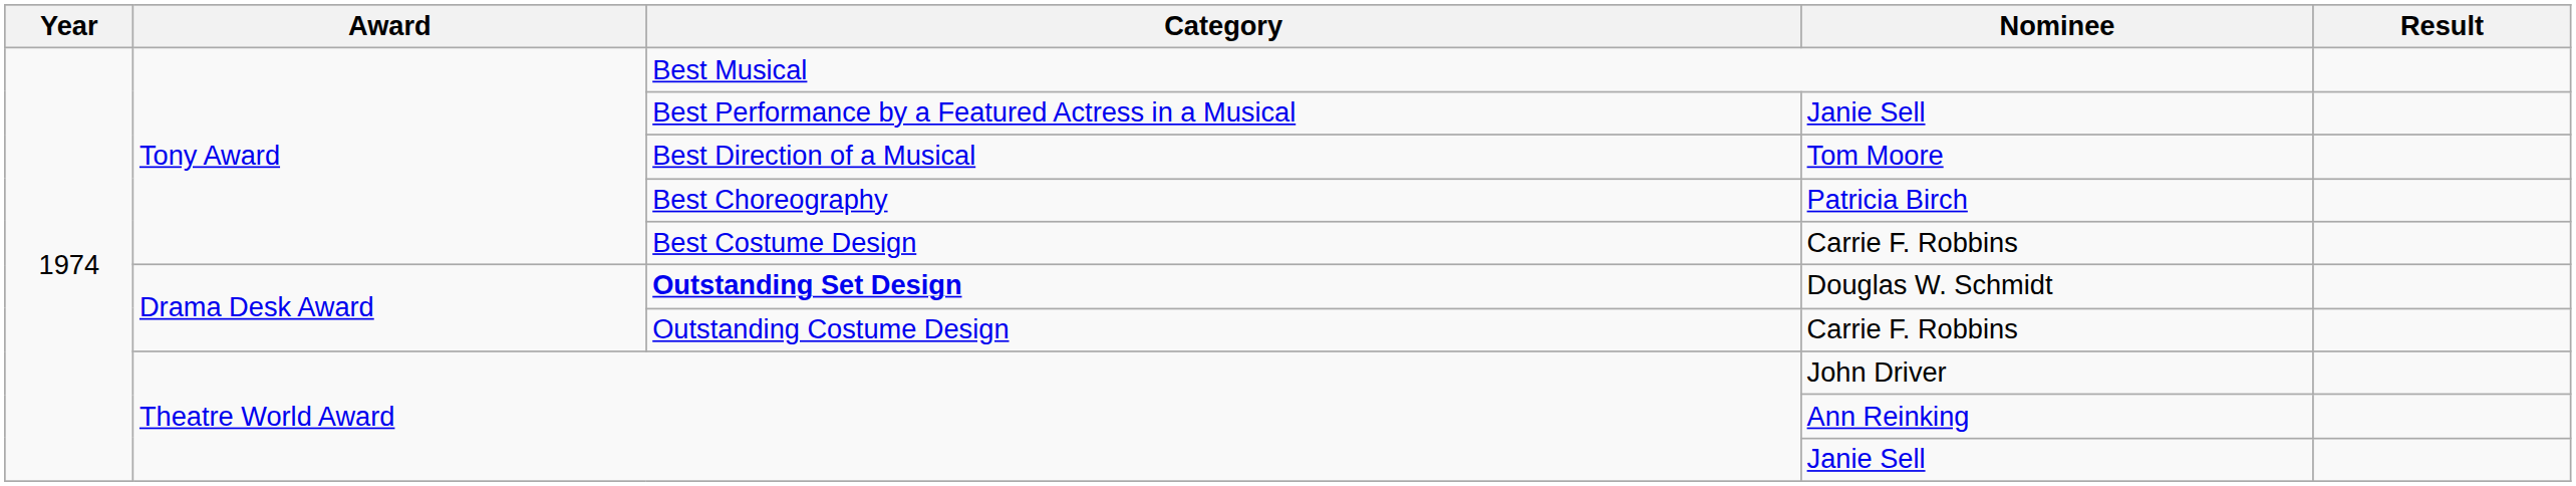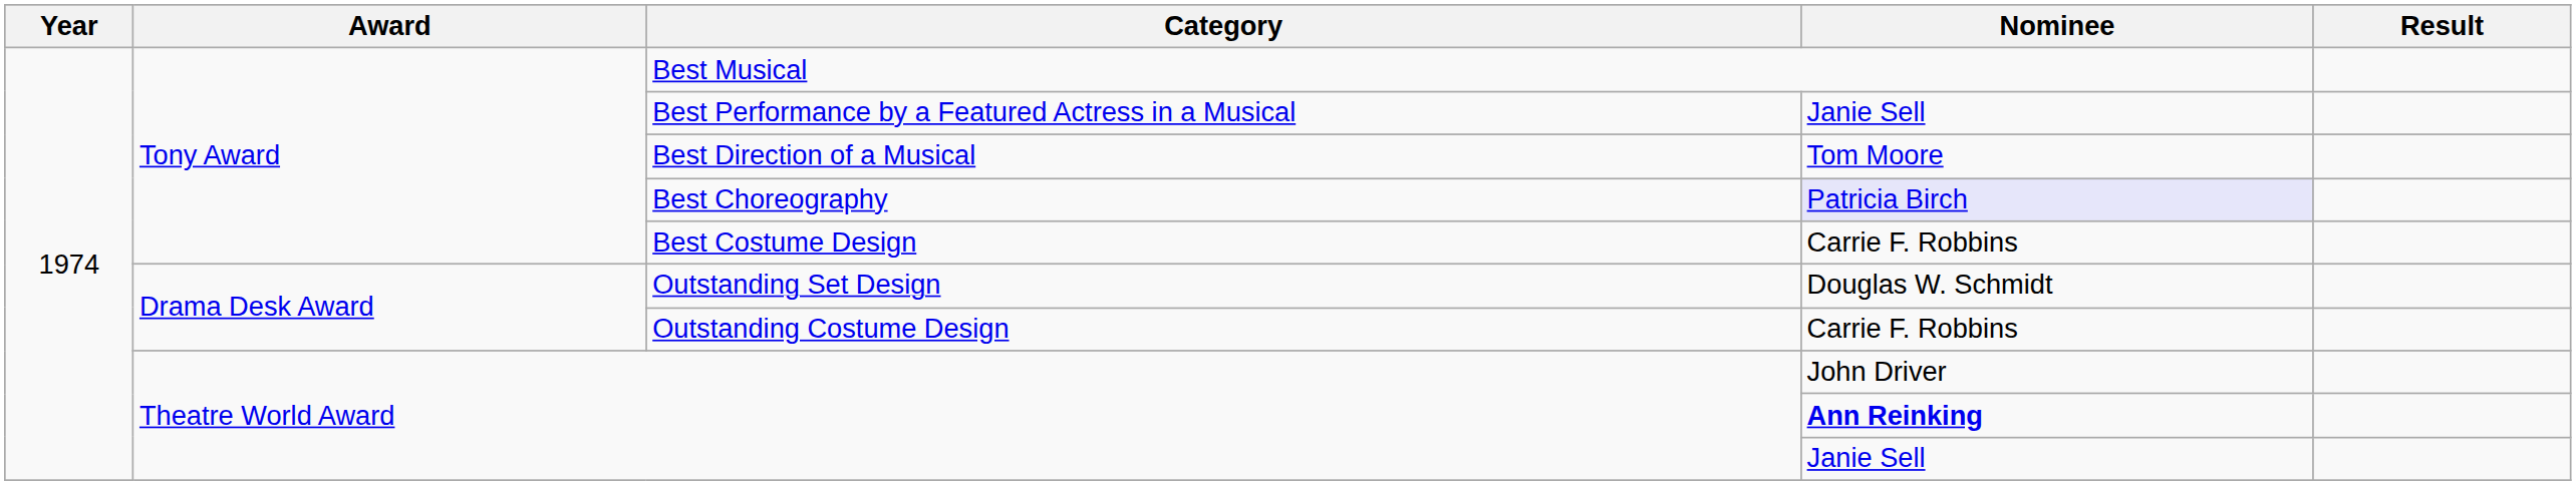 <table class="wikitable" width="95%">
 <tr>
 <th width="5%">Year</th>
 <th width="20%">Award</th>
 <th width="45%">Category</th>
 <th width="20%">Nominee</th>
 <th width="10%">Result</th>
 </tr>
 <tr>
 <td rowspan="10" align="center">1974</td>
 <td rowspan="5"><a href='#'>Tony Award</a></td>
 <td colspan="2"><a href='#'>Best Musical</a></td>
 <td></td>
 </tr>
 <tr>
 <td><a href='#'>Best Performance by a Featured Actress in a Musical</a></td>
 <td><a href='#'>Janie Sell</a></td>
 <td></td>
 </tr>
 <tr>
 <td><a href='#'>Best Direction of a Musical</a></td>
 <td><a href='#'>Tom Moore</a></td>
 <td></td>
 </tr>
 <tr>
 <td><a href='#'>Best Choreography</a></td>
-<td><a href='#'>Patricia Birch</a></td>
+<td style="background: lavender;"><a href='#'>Patricia Birch</a></td>
 <td></td>
 </tr>
 <tr>
 <td><a href='#'>Best Costume Design</a></td>
 <td>Carrie F. Robbins</td>
 <td></td>
 </tr>
 <tr>
 <td rowspan="2"><a href='#'>Drama Desk Award</a></td>
-<td><strong><a href='#'>Outstanding Set Design</a></strong></td>
+<td><a href='#'>Outstanding Set Design</a></td>
 <td>Douglas W. Schmidt</td>
 <td></td>
 </tr>
 <tr>
 <td><a href='#'>Outstanding Costume Design</a></td>
 <td>Carrie F. Robbins</td>
 <td></td>
 </tr>
 <tr>
 <td rowspan="3" colspan="2"><a href='#'>Theatre World Award</a></td>
 <td>John Driver</td>
 <td></td>
 </tr>
 <tr>
-<td><a href='#'>Ann Reinking</a></td>
+<td><strong><a href='#'>Ann Reinking</a></strong></td>
 <td></td>
 </tr>
 <tr>
 <td><a href='#'>Janie Sell</a></td>
 <td></td>
 </tr>
 </table>
